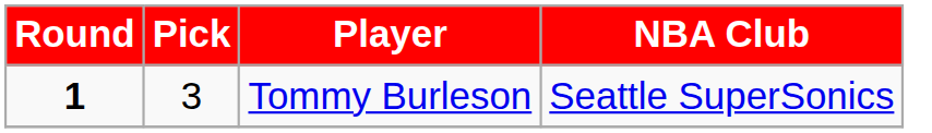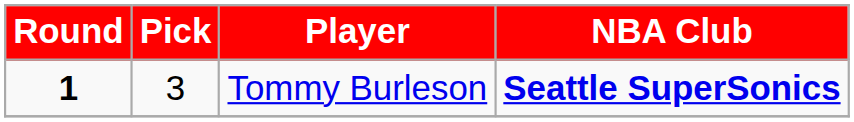 <table class="wikitable">
 <tr align="center">
 <th style="background:red;color:#FFFFFF;">Round</th>
 <th style="background:red;color:#FFFFFF;">Pick</th>
 <th style="background:red;color:#FFFFFF;">Player</th>
 <th style="background:red;color:#FFFFFF;">NBA Club</th>
 </tr>
 <tr align="center" bgcolor="">
 <td><strong>1</strong></td>
 <td>3</td>
 <td><a href='#'>Tommy Burleson</a></td>
-<td><a href='#'>Seattle SuperSonics</a></td>
+<td><strong><a href='#'>Seattle SuperSonics</a></strong></td>
 </tr>
 <tr align="center" bgcolor="">
 </tr>
 </table>
